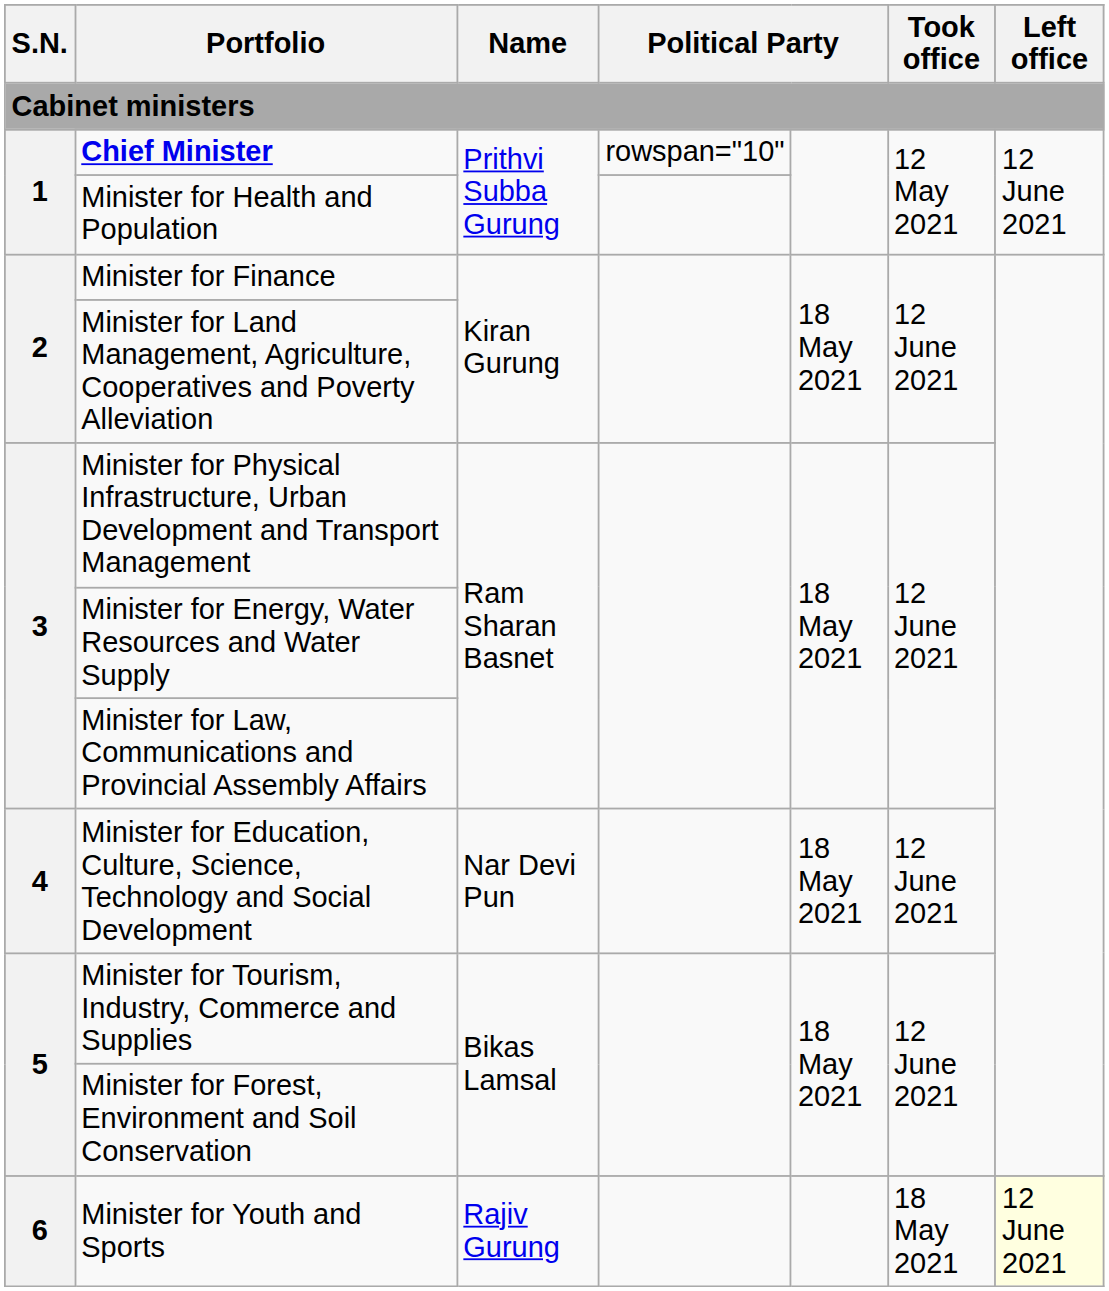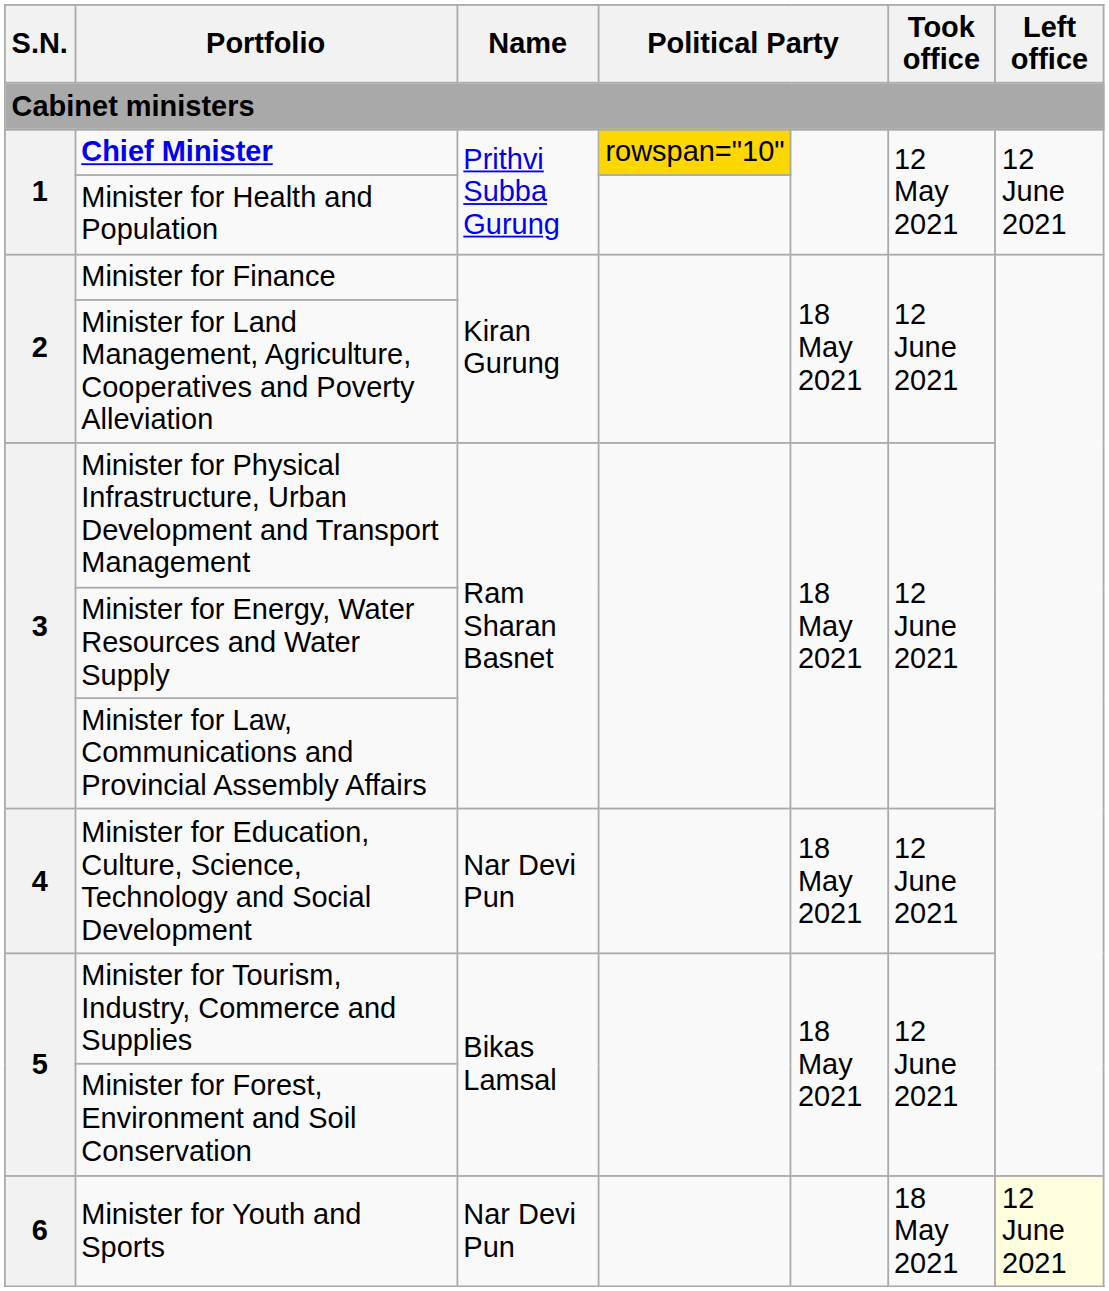 <table class="wikitable">
 <tr>
 <th>S.N.</th>
 <th>Portfolio</th>
 <th>Name<br></th>
 <th colspan="2">Political Party</th>
 <th>Took office</th>
 <th>Left office</th>
 </tr>
 <tr>
 <td colspan="7" bgcolor="darkgrey"><strong>Cabinet ministers</strong></td>
 </tr>
 <tr>
 <th rowspan="2">1</th>
 <td><strong><a href='#'>Chief Minister</a></strong></td>
 <td rowspan="2"><a href='#'>Prithvi Subba Gurung</a><br></td>
-<td>rowspan="10" </td>
+<td style="background: gold;">rowspan="10" </td>
 <td rowspan="2"></td>
 <td rowspan="2">12 May 2021</td>
 <td rowspan="2">12 June 2021</td>
 </tr>
 <tr>
 <td>Minister for Health and Population</td>
 </tr>
 <tr>
 <th rowspan="2">2</th>
 <td>Minister for Finance</td>
 <td rowspan="2">Kiran Gurung<br></td>
 <td rowspan="2"></td>
 <td rowspan="2">18 May 2021</td>
 <td rowspan="2">12 June 2021</td>
 </tr>
 <tr>
 <td>Minister for Land Management, Agriculture, Cooperatives and Poverty Alleviation</td>
 </tr>
 <tr>
 <th rowspan="3">3</th>
 <td>Minister for Physical Infrastructure, Urban Development and Transport Management</td>
 <td rowspan="3">Ram Sharan Basnet<br></td>
 <td rowspan="3"></td>
 <td rowspan="3">18 May 2021</td>
 <td rowspan="3">12 June 2021</td>
 </tr>
 <tr>
 <td>Minister for Energy, Water Resources and Water Supply</td>
 </tr>
 <tr>
 <td>Minister for Law, Communications and Provincial Assembly Affairs</td>
 </tr>
 <tr>
 <th>4</th>
 <td>Minister for Education, Culture, Science, Technology and Social Development</td>
 <td>Nar Devi Pun</td>
 <td></td>
 <td>18 May 2021</td>
 <td>12 June 2021</td>
 </tr>
 <tr>
 <th rowspan="2">5</th>
 <td>Minister for Tourism, Industry, Commerce and Supplies</td>
 <td rowspan="2">Bikas Lamsal<br></td>
 <td rowspan="2"></td>
 <td rowspan="2">18 May 2021</td>
 <td rowspan="2">12 June 2021</td>
 </tr>
 <tr>
 <td>Minister for Forest, Environment and Soil Conservation</td>
 </tr>
 <tr>
 <th>6</th>
 <td>Minister for Youth and Sports</td>
-<td><a href='#'>Rajiv Gurung</a></td>
+<td>Nar Devi Pun</td>
 <td></td>
 <td></td>
 <td>18 May 2021</td>
 <td style="background: lightyellow;">12 June 2021</td>
 </tr>
 </table>
